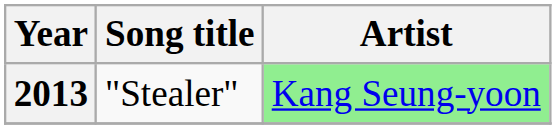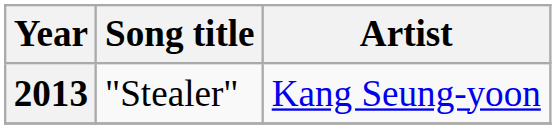 <table class="wikitable sortable plainrowheaders">
 <tr>
 <th scope="col">Year</th>
 <th scope="col">Song title</th>
 <th scope="col">Artist</th>
 </tr>
 <tr>
 <th scope="row">2013</th>
 <td>"Stealer"</td>
-<td style="background: lightgreen;"><a href='#'>Kang Seung-yoon</a></td>
+<td><a href='#'>Kang Seung-yoon</a></td>
 </tr>
 <tr>
 </tr>
 </table>
